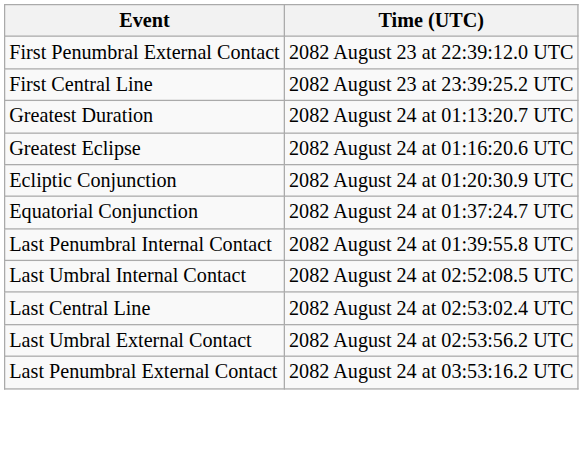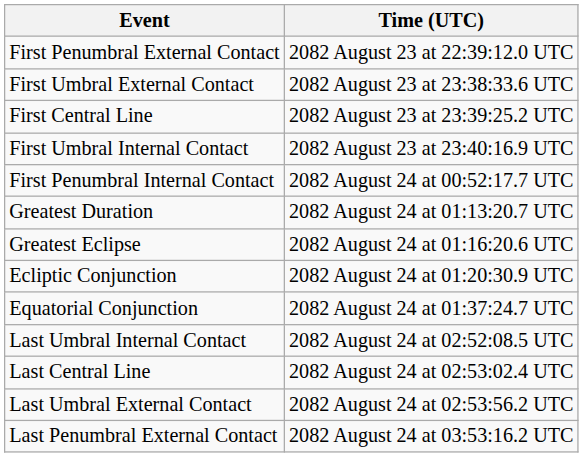 <table class="wikitable">
 <tr>
 <th>Event</th>
 <th>Time (UTC)</th>
 </tr>
 <tr>
 <td>First Penumbral External Contact</td>
 <td>2082 August 23 at 22:39:12.0 UTC</td>
 </tr>
 <tr>
+<td>First Umbral External Contact</td>
+<td>2082 August 23 at 23:38:33.6 UTC</td>
+</tr>
+<tr>
 <td>First Central Line</td>
 <td>2082 August 23 at 23:39:25.2 UTC</td>
+</tr>
+<tr>
+<td>First Umbral Internal Contact</td>
+<td>2082 August 23 at 23:40:16.9 UTC</td>
+</tr>
+<tr>
+<td>First Penumbral Internal Contact</td>
+<td>2082 August 24 at 00:52:17.7 UTC</td>
 </tr>
 <tr>
 <td>Greatest Duration</td>
 <td>2082 August 24 at 01:13:20.7 UTC</td>
 </tr>
 <tr>
 <td>Greatest Eclipse</td>
 <td>2082 August 24 at 01:16:20.6 UTC</td>
 </tr>
 <tr>
 <td>Ecliptic Conjunction</td>
 <td>2082 August 24 at 01:20:30.9 UTC</td>
 </tr>
 <tr>
 <td>Equatorial Conjunction</td>
 <td>2082 August 24 at 01:37:24.7 UTC</td>
 </tr>
 <tr>
-<td>Last Penumbral Internal Contact</td>
-<td>2082 August 24 at 01:39:55.8 UTC</td>
-</tr>
-<tr>
 <td>Last Umbral Internal Contact</td>
 <td>2082 August 24 at 02:52:08.5 UTC</td>
 </tr>
 <tr>
 <td>Last Central Line</td>
 <td>2082 August 24 at 02:53:02.4 UTC</td>
 </tr>
 <tr>
 <td>Last Umbral External Contact</td>
 <td>2082 August 24 at 02:53:56.2 UTC</td>
 </tr>
 <tr>
 <td>Last Penumbral External Contact</td>
 <td>2082 August 24 at 03:53:16.2 UTC</td>
 </tr>
 </table>
